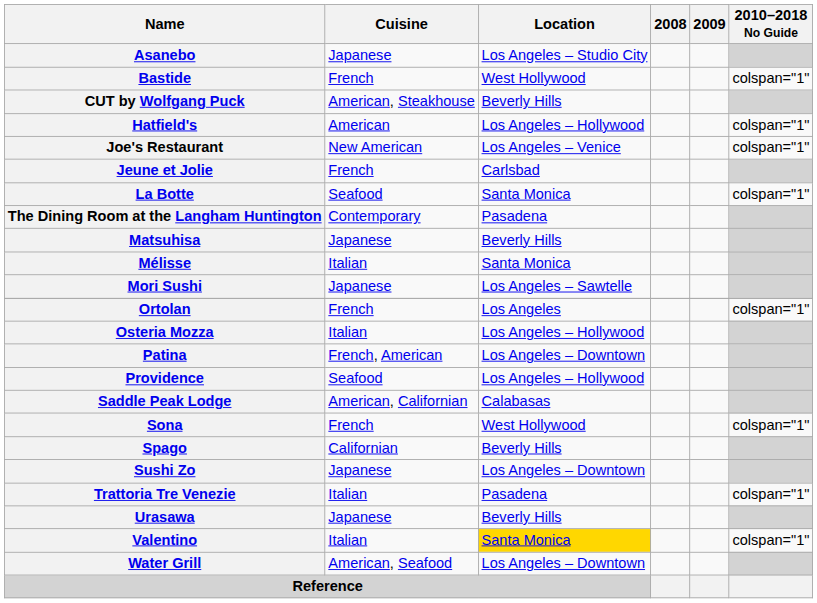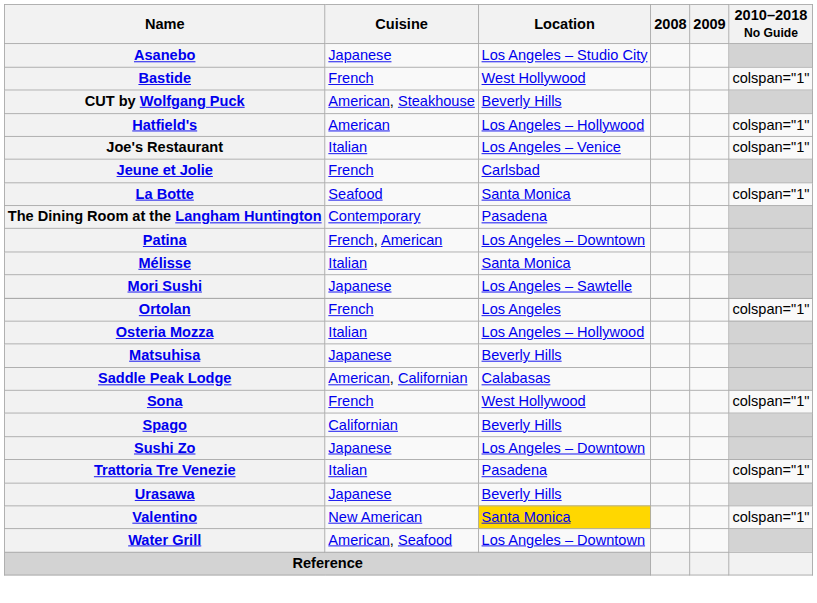 <table class="wikitable sortable plainrowheaders" style="text-align:left;"">
 <tr>
 <th scope="col">Name</th>
 <th scope="col">Cuisine</th>
 <th scope="col">Location</th>
 <th scope="col">2008</th>
 <th scope="col">2009</th>
 <th scope="col">2010–2018<br><small>No Guide</small></th>
 </tr>
 <tr>
 <th scope="row"><a href='#'>Asanebo</a></th>
 <td><a href='#'>Japanese</a></td>
 <td><a href='#'>Los Angeles – Studio City</a></td>
 <td></td>
 <td></td>
 <td colspan="1" style="background:lightgray"></td>
 </tr>
 <tr>
 <th scope="row"><a href='#'>Bastide</a></th>
 <td><a href='#'>French</a></td>
 <td><a href='#'>West Hollywood</a></td>
 <td></td>
 <td></td>
 <td>colspan="1" </td>
 </tr>
 <tr>
 <th scope="row">CUT by <a href='#'>Wolfgang Puck</a></th>
 <td><a href='#'>American</a>, <a href='#'>Steakhouse</a></td>
 <td><a href='#'>Beverly Hills</a></td>
 <td></td>
 <td></td>
 <td colspan="1" style="background:lightgray"></td>
 </tr>
 <tr>
 <th scope="row"><a href='#'>Hatfield's</a></th>
 <td><a href='#'>American</a></td>
 <td><a href='#'>Los Angeles – Hollywood</a></td>
 <td></td>
 <td></td>
 <td>colspan="1" </td>
 </tr>
 <tr>
 <th scope="row">Joe's Restaurant</th>
-<td><a href='#'>New American</a></td>
+<td><a href='#'>Italian</a></td>
 <td><a href='#'>Los Angeles – Venice</a></td>
 <td></td>
 <td></td>
 <td>colspan="1" </td>
 </tr>
 <tr>
 <th scope="row"><a href='#'>Jeune et Jolie</a></th>
 <td><a href='#'>French</a></td>
 <td><a href='#'>Carlsbad</a></td>
 <td></td>
 <td></td>
 <td colspan="1" style="background:lightgray"></td>
 </tr>
 <tr>
 <th scope="row"><a href='#'>La Botte</a></th>
 <td><a href='#'>Seafood</a></td>
 <td><a href='#'>Santa Monica</a></td>
 <td></td>
 <td></td>
 <td>colspan="1" </td>
 </tr>
 <tr>
 <th scope="row">The Dining Room at the <a href='#'>Langham Huntington</a></th>
 <td><a href='#'>Contemporary</a></td>
 <td><a href='#'>Pasadena</a></td>
 <td></td>
 <td></td>
 <td colspan="1" style="background:lightgray"></td>
 </tr>
 <tr>
-<th scope="row"><a href='#'>Matsuhisa</a></th>
-<td><a href='#'>Japanese</a></td>
-<td><a href='#'>Beverly Hills</a></td>
+<th scope="row"><a href='#'>Patina</a></th>
+<td><a href='#'>French</a>, <a href='#'>American</a></td>
+<td><a href='#'>Los Angeles – Downtown</a></td>
 <td></td>
 <td></td>
 <td colspan="1" style="background:lightgray"></td>
 </tr>
 <tr>
 <th scope="row"><a href='#'>Mélisse</a></th>
 <td><a href='#'>Italian</a></td>
 <td><a href='#'>Santa Monica</a></td>
 <td></td>
 <td></td>
 <td colspan="1" style="background:lightgray"></td>
 </tr>
 <tr>
 <th scope="row"><a href='#'>Mori Sushi</a></th>
 <td><a href='#'>Japanese</a></td>
 <td><a href='#'>Los Angeles – Sawtelle</a></td>
 <td></td>
 <td></td>
 <td colspan="1" style="background:lightgray"></td>
 </tr>
 <tr>
 </tr>
 <tr>
 <th scope="row"><a href='#'>Ortolan</a></th>
 <td><a href='#'>French</a></td>
 <td><a href='#'>Los Angeles</a></td>
 <td></td>
 <td></td>
 <td>colspan="1" </td>
 </tr>
 <tr>
 <th scope="row"><a href='#'>Osteria Mozza</a></th>
 <td><a href='#'>Italian</a></td>
 <td><a href='#'>Los Angeles – Hollywood</a></td>
 <td></td>
 <td></td>
 <td colspan="1" style="background:lightgray"></td>
 </tr>
 <tr>
-<th scope="row"><a href='#'>Patina</a></th>
-<td><a href='#'>French</a>, <a href='#'>American</a></td>
-<td><a href='#'>Los Angeles – Downtown</a></td>
-<td></td>
-<td></td>
-<td colspan="1" style="background:lightgray"></td>
-</tr>
-<tr>
-<th scope="row"><a href='#'>Providence</a></th>
-<td><a href='#'>Seafood</a></td>
-<td><a href='#'>Los Angeles – Hollywood</a></td>
+<th scope="row"><a href='#'>Matsuhisa</a></th>
+<td><a href='#'>Japanese</a></td>
+<td><a href='#'>Beverly Hills</a></td>
 <td></td>
 <td></td>
 <td colspan="1" style="background:lightgray"></td>
 </tr>
 <tr>
 <th scope="row"><a href='#'>Saddle Peak Lodge</a></th>
 <td><a href='#'>American</a>, <a href='#'>Californian</a></td>
 <td><a href='#'>Calabasas</a></td>
 <td></td>
 <td></td>
 <td colspan="1" style="background:lightgray"></td>
 </tr>
 <tr>
 <th scope="row"><a href='#'>Sona</a></th>
 <td><a href='#'>French</a></td>
 <td><a href='#'>West Hollywood</a></td>
 <td></td>
 <td></td>
 <td>colspan="1" </td>
 </tr>
 <tr>
 <th scope="row"><a href='#'>Spago</a></th>
 <td><a href='#'>Californian</a></td>
 <td><a href='#'>Beverly Hills</a></td>
 <td></td>
 <td></td>
 <td colspan="1" style="background:lightgray"></td>
 </tr>
 <tr>
 <th scope="row"><a href='#'>Sushi Zo</a></th>
 <td><a href='#'>Japanese</a></td>
 <td><a href='#'>Los Angeles – Downtown</a></td>
 <td></td>
 <td></td>
 <td colspan="1" style="background:lightgray"></td>
 </tr>
 <tr>
 <th scope="row"><a href='#'>Trattoria Tre Venezie</a></th>
 <td><a href='#'>Italian</a></td>
 <td><a href='#'>Pasadena</a></td>
 <td></td>
 <td></td>
 <td>colspan="1" </td>
 </tr>
 <tr>
 <th scope="row"><a href='#'>Urasawa</a></th>
 <td><a href='#'>Japanese</a></td>
 <td><a href='#'>Beverly Hills</a></td>
 <td></td>
 <td></td>
 <td colspan="1" style="background:lightgray"></td>
 </tr>
 <tr>
 <th scope="row"><a href='#'>Valentino</a></th>
-<td><a href='#'>Italian</a></td>
+<td><a href='#'>New American</a></td>
 <td style="background: gold;"><a href='#'>Santa Monica</a></td>
 <td></td>
 <td></td>
 <td>colspan="1" </td>
 </tr>
 <tr>
 <th scope="row"><a href='#'>Water Grill</a></th>
 <td><a href='#'>American</a>, <a href='#'>Seafood</a></td>
 <td><a href='#'>Los Angeles – Downtown</a></td>
 <td></td>
 <td></td>
 <td colspan="1" style="background:lightgray"></td>
 </tr>
 <tr>
 <th colspan="3" style="text-align: center;background: lightgray;">Reference</th>
 <th></th>
 <th></th>
 <th></th>
 </tr>
 </table>
